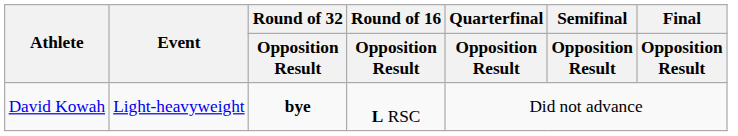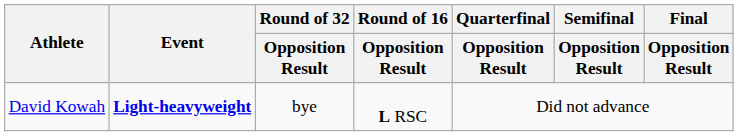 <table class=wikitable style=font-size:90%>
 <tr>
 <th rowspan=2>Athlete</th>
 <th rowspan=2>Event</th>
 <th>Round of 32</th>
 <th>Round of 16</th>
 <th>Quarterfinal</th>
 <th>Semifinal</th>
 <th>Final</th>
 </tr>
 <tr>
 <th>Opposition<br>Result</th>
 <th>Opposition<br>Result</th>
 <th>Opposition<br>Result</th>
 <th>Opposition<br>Result</th>
 <th>Opposition<br>Result</th>
 </tr>
 <tr>
 <td><a href='#'>David Kowah</a></td>
-<td><a href='#'>Light-heavyweight</a></td>
-<td align=center><strong>bye</strong></td>
+<td><strong><a href='#'>Light-heavyweight</a></strong></td>
+<td align=center>bye</td>
 <td align=center><br><strong>L</strong> RSC</td>
 <td colspan=3 align=center>Did not advance</td>
 </tr>
 </table>
